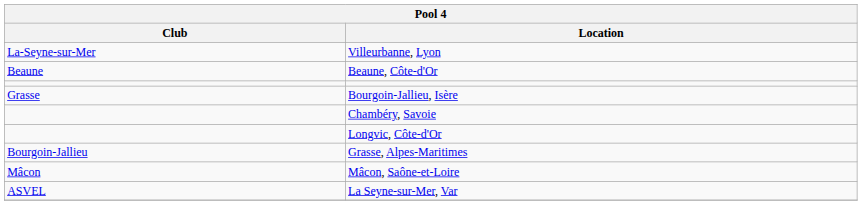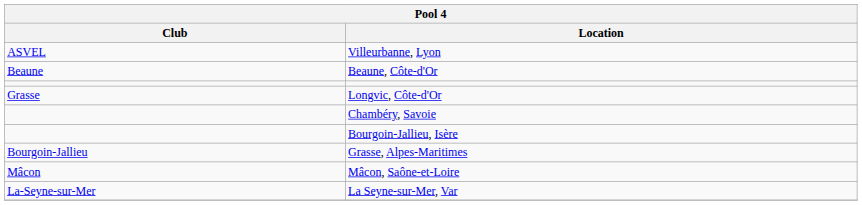 <table class="wikitable" style="text-align:left; width:90%">
 <tr>
 <th colspan=2>Pool 4</th>
 </tr>
 <tr>
 <th style="width:40%;">Club</th>
 <th style="width:60%;">Location</th>
 </tr>
 <tr>
-<td><a href='#'>La-Seyne-sur-Mer</a></td>
+<td><a href='#'>ASVEL</a></td>
 <td><a href='#'>Villeurbanne</a>, <a href='#'>Lyon</a></td>
 </tr>
 <tr>
 <td><a href='#'>Beaune</a></td>
 <td><a href='#'>Beaune</a>, <a href='#'>Côte-d'Or</a></td>
 </tr>
 <tr>
 <td></td>
 </tr>
 <tr>
 <td><a href='#'>Grasse</a></td>
-<td><a href='#'>Bourgoin-Jallieu</a>, <a href='#'>Isère</a></td>
+<td><a href='#'>Longvic</a>, <a href='#'>Côte-d'Or</a></td>
 </tr>
 <tr>
 <td></td>
 <td><a href='#'>Chambéry</a>, <a href='#'>Savoie</a></td>
 </tr>
 <tr>
 <td></td>
-<td><a href='#'>Longvic</a>, <a href='#'>Côte-d'Or</a></td>
+<td><a href='#'>Bourgoin-Jallieu</a>, <a href='#'>Isère</a></td>
 </tr>
 <tr>
 <td><a href='#'>Bourgoin-Jallieu</a></td>
 <td><a href='#'>Grasse</a>, <a href='#'>Alpes-Maritimes</a></td>
 </tr>
 <tr>
 <td><a href='#'>Mâcon</a></td>
 <td><a href='#'>Mâcon</a>, <a href='#'>Saône-et-Loire</a></td>
 </tr>
 <tr>
-<td><a href='#'>ASVEL</a></td>
+<td><a href='#'>La-Seyne-sur-Mer</a></td>
 <td><a href='#'>La Seyne-sur-Mer</a>, <a href='#'>Var</a></td>
 </tr>
 <tr>
 </tr>
 </table>
